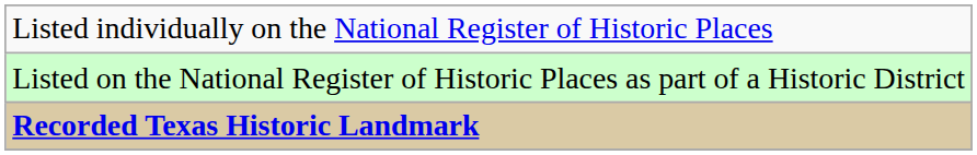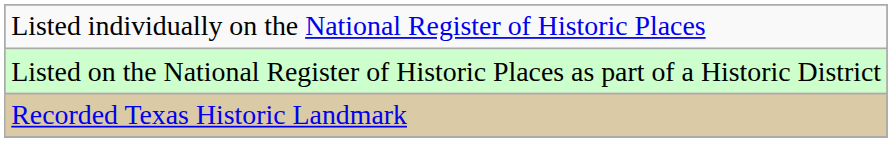 <table class="wikitable">
 <tr>
 <td>Listed individually on the <a href='#'>National Register of Historic Places</a></td>
 </tr>
 <tr>
 <td style="background: #CCFFCC">Listed on the National Register of Historic Places as part of a Historic District</td>
 </tr>
 <tr>
-<td style="background: #DACAA5"><strong><a href='#'>Recorded Texas Historic Landmark</a></strong></td>
+<td style="background: #DACAA5"><a href='#'>Recorded Texas Historic Landmark</a></td>
 </tr>
 <tr>
 </tr>
 </table>
